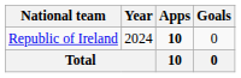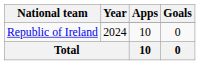 <table class=wikitable style=text-align:center>
 <tr>
 <th>National team</th>
 <th>Year</th>
 <th>Apps</th>
 <th>Goals</th>
 </tr>
 <tr>
 <td rowspan="2"><a href='#'>Republic of Ireland</a></td>
 </tr>
 <tr>
 <td>2024</td>
-<td><strong>10</strong></td>
+<td>10</td>
 <td>0</td>
 </tr>
 <tr>
 <th colspan="2">Total</th>
 <th>10</th>
 <th>0</th>
 </tr>
 </table>
